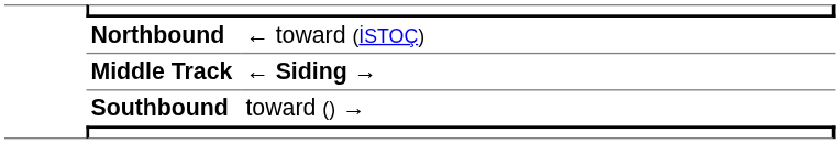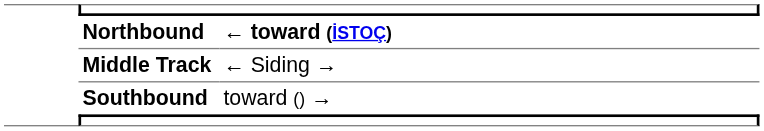 <table cellspacing=0 cellpadding=3>
 <tr>
 <td style="border-top:solid 1px gray;border-bottom:solid 1px gray;vertical-align:top;" width=50 rowspan=5></td>
 <td style="border-top:solid 1px gray;border-right:solid 2px black;border-left:solid 2px black;border-bottom:solid 2px black;text-align:center;" colspan=2></td>
 </tr>
 <tr>
 <td style="border-bottom:solid 1px gray;" width=100><strong>Northbound</strong></td>
-<td style="border-bottom:solid 1px gray;" width=400>←  toward  <small>(<a href='#'>İSTOÇ</a>)</small></td>
+<td style="border-bottom:solid 1px gray;" width=400><strong>←  toward  <small>(<a href='#'>İSTOÇ</a>)</small></strong></td>
 </tr>
 <tr>
 <td style="border-bottom:solid 1px gray;" width=100><strong>Middle Track</strong></td>
-<td style="border-bottom:solid 1px gray;" width=100><strong>←  Siding →</strong></td>
+<td style="border-bottom:solid 1px gray;" width=100>←  Siding →</td>
 </tr>
 <tr>
 <td><strong>Southbound</strong></td>
 <td> toward  <small>()</small> →</td>
 </tr>
 <tr>
 <td style="border-bottom:solid 1px gray;border-top:solid 2px black;border-right:solid 2px black;border-left:solid 2px black;text-align:center;" colspan=2></td>
 </tr>
 </table>
